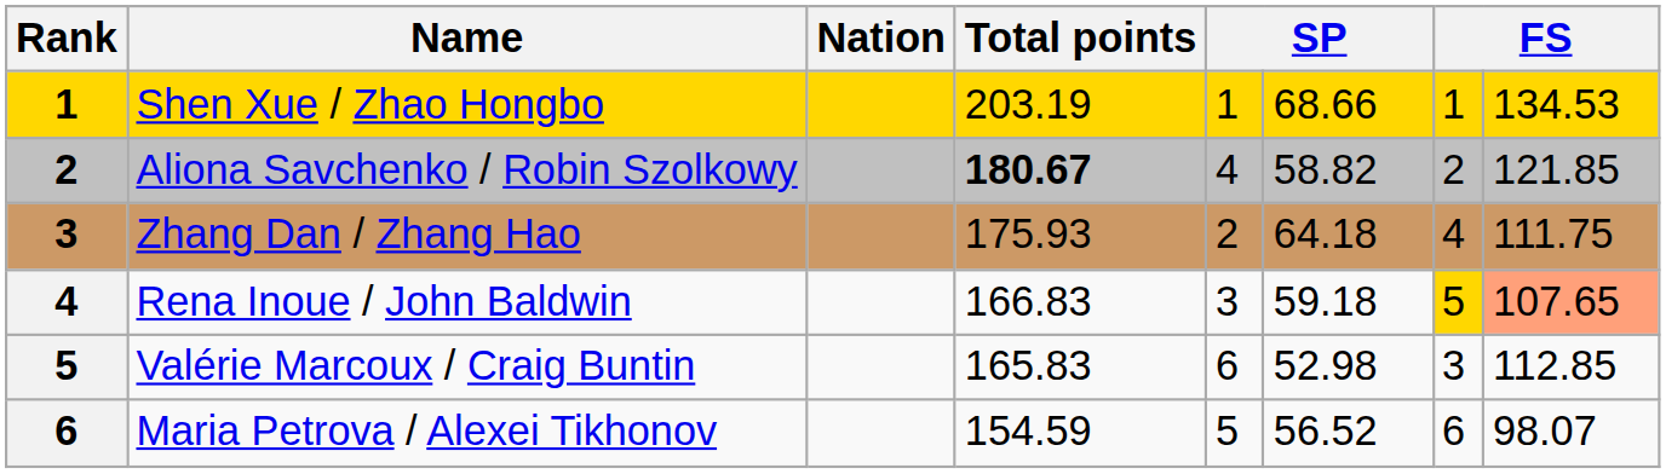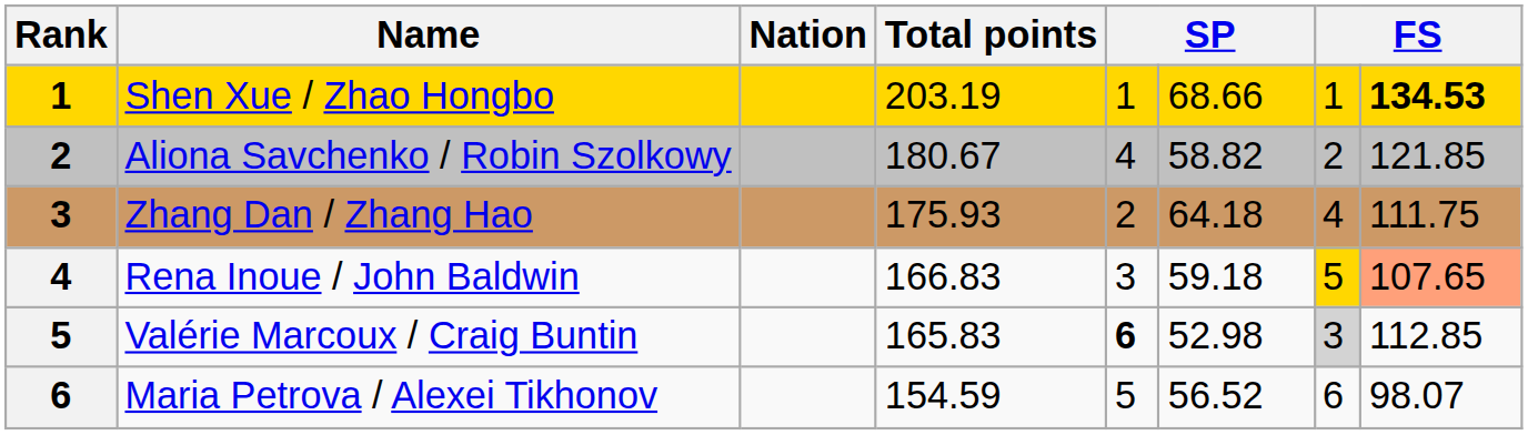 <table class="wikitable">
 <tr>
 <th>Rank</th>
 <th>Name</th>
 <th>Nation</th>
 <th>Total points</th>
 <th colspan="2" width="80px"><a href='#'>SP</a></th>
 <th colspan="2" width="80px"><a href='#'>FS</a></th>
 </tr>
 <tr bgcolor="gold">
 <td align="center"><strong>1</strong></td>
 <td><a href='#'>Shen Xue</a> / <a href='#'>Zhao Hongbo</a></td>
 <td></td>
 <td>203.19</td>
 <td>1</td>
 <td>68.66</td>
 <td>1</td>
-<td>134.53</td>
+<td><strong>134.53</strong></td>
 </tr>
 <tr bgcolor="silver">
 <td align="center"><strong>2</strong></td>
 <td><a href='#'>Aliona Savchenko</a> / <a href='#'>Robin Szolkowy</a></td>
 <td></td>
-<td><strong>180.67</strong></td>
+<td>180.67</td>
 <td>4</td>
 <td>58.82</td>
 <td>2</td>
 <td>121.85</td>
 </tr>
 <tr bgcolor="cc9966">
 <td align="center"><strong>3</strong></td>
 <td><a href='#'>Zhang Dan</a> / <a href='#'>Zhang Hao</a></td>
 <td></td>
 <td>175.93</td>
 <td>2</td>
 <td>64.18</td>
 <td>4</td>
 <td>111.75</td>
 </tr>
 <tr>
 <th>4</th>
 <td><a href='#'>Rena Inoue</a> / <a href='#'>John Baldwin</a></td>
 <td></td>
 <td>166.83</td>
 <td>3</td>
 <td>59.18</td>
 <td style="background: gold;">5</td>
 <td style="background: lightsalmon;">107.65</td>
 </tr>
 <tr>
 <th>5</th>
 <td><a href='#'>Valérie Marcoux</a> / <a href='#'>Craig Buntin</a></td>
 <td></td>
 <td>165.83</td>
-<td>6</td>
+<td><strong>6</strong></td>
 <td>52.98</td>
-<td>3</td>
+<td style="background: lightgrey;">3</td>
 <td>112.85</td>
 </tr>
 <tr>
 <th>6</th>
 <td><a href='#'>Maria Petrova</a> / <a href='#'>Alexei Tikhonov</a></td>
 <td></td>
 <td>154.59</td>
 <td>5</td>
 <td>56.52</td>
 <td>6</td>
 <td>98.07</td>
 </tr>
 </table>
